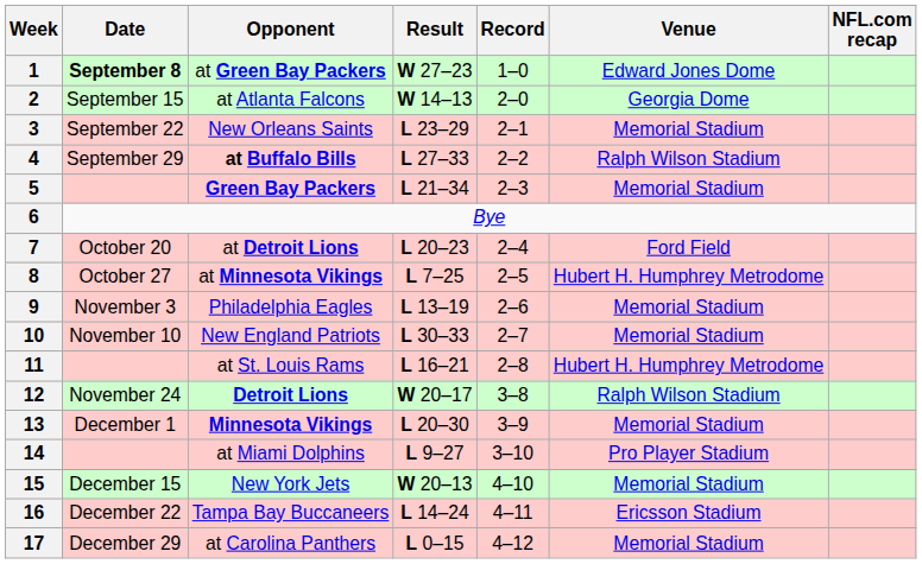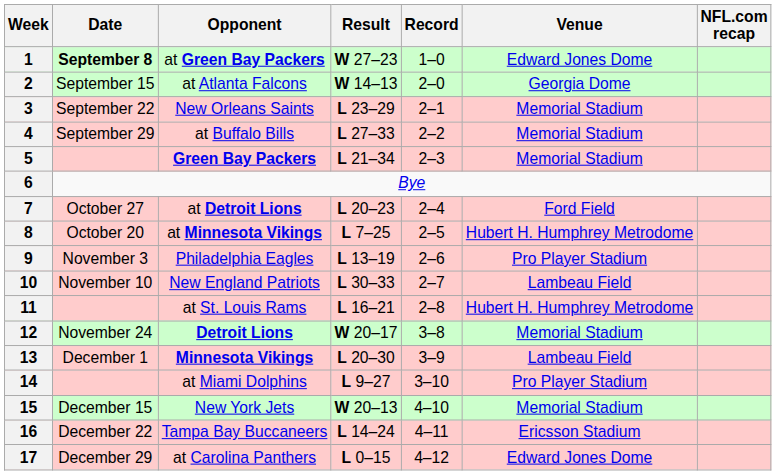 <table class="wikitable" style="text-align:center">
 <tr>
 <th>Week</th>
 <th>Date</th>
 <th>Opponent</th>
 <th>Result</th>
 <th>Record</th>
 <th>Venue</th>
 <th>NFL.com<br>recap</th>
 </tr>
 <tr bgcolor="ccffcc">
 <th>1</th>
 <td><strong>September 8</strong></td>
 <td>at <strong><a href='#'>Green Bay Packers</a></strong></td>
 <td><strong>W</strong> 27–23</td>
 <td>1–0</td>
 <td><a href='#'>Edward Jones Dome</a></td>
 <td></td>
 </tr>
 <tr bgcolor="ccffcc">
 <th>2</th>
 <td>September 15</td>
 <td>at <a href='#'>Atlanta Falcons</a></td>
 <td><strong>W</strong> 14–13</td>
 <td>2–0</td>
 <td><a href='#'>Georgia Dome</a></td>
 <td></td>
 </tr>
 <tr bgcolor="ffcccc">
 <th>3</th>
 <td>September 22</td>
 <td><a href='#'>New Orleans Saints</a></td>
 <td><strong>L</strong> 23–29</td>
 <td>2–1</td>
 <td><a href='#'>Memorial Stadium</a></td>
 <td></td>
 </tr>
 <tr bgcolor="ffcccc">
 <th>4</th>
 <td>September 29</td>
-<td><strong>at <a href='#'>Buffalo Bills</a></strong></td>
+<td>at <a href='#'>Buffalo Bills</a></td>
 <td><strong>L</strong> 27–33 </td>
 <td>2–2</td>
-<td><a href='#'>Ralph Wilson Stadium</a></td>
+<td><a href='#'>Memorial Stadium</a></td>
 <td></td>
 </tr>
 <tr bgcolor="ffcccc">
 <th>5</th>
 <td></td>
 <td><strong><a href='#'>Green Bay Packers</a></strong></td>
 <td><strong>L</strong> 21–34</td>
 <td>2–3</td>
 <td><a href='#'>Memorial Stadium</a></td>
 <td></td>
 </tr>
 <tr>
 <th>6</th>
 <td colspan="7"><em><a href='#'>Bye</a></em></td>
 </tr>
 <tr bgcolor="ffcccc">
 <th>7</th>
-<td>October 20</td>
+<td>October 27</td>
 <td>at <strong><a href='#'>Detroit Lions</a></strong></td>
 <td><strong>L</strong> 20–23 </td>
 <td>2–4</td>
 <td><a href='#'>Ford Field</a></td>
 <td></td>
 </tr>
 <tr bgcolor="ffcccc">
 <th>8</th>
-<td>October 27</td>
+<td>October 20</td>
 <td>at <strong><a href='#'>Minnesota Vikings</a></strong></td>
 <td><strong>L</strong> 7–25</td>
 <td>2–5</td>
 <td><a href='#'>Hubert H. Humphrey Metrodome</a></td>
 <td></td>
 </tr>
 <tr bgcolor="ffcccc">
 <th>9</th>
 <td>November 3</td>
 <td><a href='#'>Philadelphia Eagles</a></td>
 <td><strong>L</strong> 13–19</td>
 <td>2–6</td>
-<td><a href='#'>Memorial Stadium</a></td>
+<td><a href='#'>Pro Player Stadium</a></td>
 <td></td>
 </tr>
 <tr bgcolor="ffcccc">
 <th>10</th>
 <td>November 10</td>
 <td><a href='#'>New England Patriots</a></td>
 <td><strong>L</strong> 30–33</td>
 <td>2–7</td>
-<td><a href='#'>Memorial Stadium</a></td>
+<td><a href='#'>Lambeau Field</a></td>
 <td></td>
 </tr>
 <tr bgcolor="ffcccc">
 <th>11</th>
 <td></td>
 <td>at <a href='#'>St. Louis Rams</a></td>
 <td><strong>L</strong> 16–21</td>
 <td>2–8</td>
 <td><a href='#'>Hubert H. Humphrey Metrodome</a></td>
 <td></td>
 </tr>
 <tr bgcolor="ccffcc">
 <th>12</th>
 <td>November 24</td>
 <td><strong><a href='#'>Detroit Lions</a></strong></td>
 <td><strong>W</strong> 20–17 </td>
 <td>3–8</td>
-<td><a href='#'>Ralph Wilson Stadium</a></td>
+<td><a href='#'>Memorial Stadium</a></td>
 <td></td>
 </tr>
 <tr bgcolor="ffcccc">
 <th>13</th>
 <td>December 1</td>
 <td><strong><a href='#'>Minnesota Vikings</a></strong></td>
 <td><strong>L</strong> 20–30</td>
 <td>3–9</td>
-<td><a href='#'>Memorial Stadium</a></td>
+<td><a href='#'>Lambeau Field</a></td>
 <td></td>
 </tr>
 <tr bgcolor="ffcccc">
 <th>14</th>
 <td></td>
 <td>at <a href='#'>Miami Dolphins</a></td>
 <td><strong>L</strong> 9–27</td>
 <td>3–10</td>
 <td><a href='#'>Pro Player Stadium</a></td>
 <td></td>
 </tr>
 <tr bgcolor="ccffcc">
 <th>15</th>
 <td>December 15</td>
 <td><a href='#'>New York Jets</a></td>
 <td><strong>W</strong> 20–13</td>
 <td>4–10</td>
 <td><a href='#'>Memorial Stadium</a></td>
 <td></td>
 </tr>
 <tr bgcolor="ffcccc">
 <th>16</th>
 <td>December 22</td>
 <td><a href='#'>Tampa Bay Buccaneers</a></td>
 <td><strong>L</strong> 14–24</td>
 <td>4–11</td>
 <td><a href='#'>Ericsson Stadium</a></td>
 <td></td>
 </tr>
 <tr bgcolor="ffcccc">
 <th>17</th>
 <td>December 29</td>
 <td>at <a href='#'>Carolina Panthers</a></td>
 <td><strong>L</strong> 0–15</td>
 <td>4–12</td>
-<td><a href='#'>Memorial Stadium</a></td>
+<td><a href='#'>Edward Jones Dome</a></td>
 <td></td>
 </tr>
 </table>
